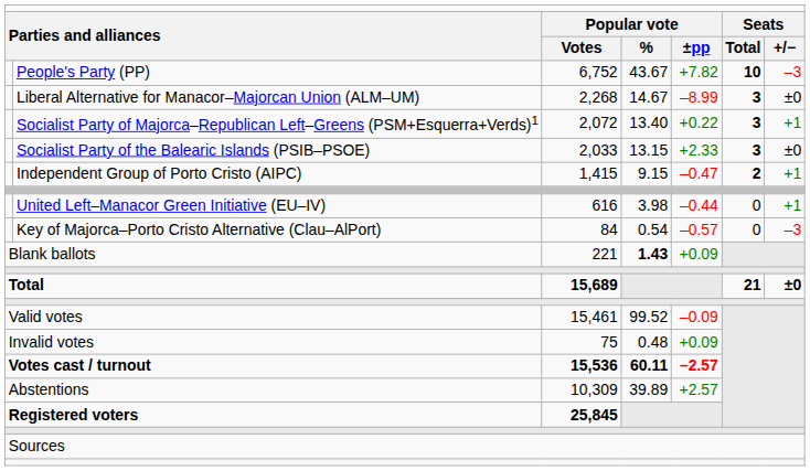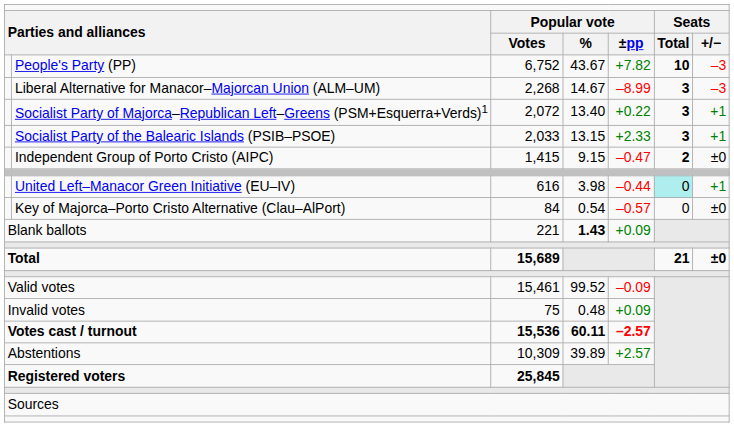 <table class="wikitable" style="text-align:right;">
 <tr>
 <td colspan="7"></td>
 </tr>
 <tr>
 <th style="text-align:left;" rowspan="2" colspan="2" width="525">Parties and alliances</th>
 <th colspan="3">Popular vote</th>
 <th colspan="2">Seats</th>
 </tr>
 <tr>
 <th width="75">Votes</th>
 <th width="45">%</th>
 <th width="45">±<a href='#'>pp</a></th>
 <th width="35">Total</th>
 <th width="35">+/−</th>
 </tr>
 <tr>
 <td width="1" style="color:inherit;background:"></td>
 <td align="left"><a href='#'>People's Party</a> (PP)</td>
 <td>6,752</td>
 <td>43.67</td>
 <td style="color:green;">+7.82</td>
 <td><strong>10</strong></td>
 <td style="color:red;">–3</td>
 </tr>
 <tr>
 <td style="color:inherit;background:"></td>
 <td align="left">Liberal Alternative for Manacor–<a href='#'>Majorcan Union</a> (ALM–UM)</td>
 <td>2,268</td>
 <td>14.67</td>
 <td style="color:red;">–8.99</td>
 <td><strong>3</strong></td>
-<td>±0</td>
+<td style="color:red;">–3</td>
 </tr>
 <tr>
 <td style="color:inherit;background:"></td>
 <td align="left"><a href='#'>Socialist Party of Majorca</a>–<a href='#'>Republican Left</a>–<a href='#'>Greens</a> (PSM+Esquerra+Verds)<sup>1</sup></td>
 <td>2,072</td>
 <td>13.40</td>
 <td style="color:green;">+0.22</td>
 <td><strong>3</strong></td>
 <td style="color:green;">+1</td>
 </tr>
 <tr>
 <td style="color:inherit;background:"></td>
 <td align="left"><a href='#'>Socialist Party of the Balearic Islands</a> (PSIB–PSOE)</td>
 <td>2,033</td>
 <td>13.15</td>
 <td style="color:green;">+2.33</td>
 <td><strong>3</strong></td>
-<td>±0</td>
+<td style="color:green;">+1</td>
 </tr>
 <tr>
 <td style="color:inherit;background:"></td>
 <td align="left">Independent Group of Porto Cristo (AIPC)</td>
 <td>1,415</td>
 <td>9.15</td>
 <td style="color:red;">–0.47</td>
 <td><strong>2</strong></td>
-<td style="color:green;">+1</td>
+<td>±0</td>
 </tr>
 <tr>
 <td colspan="7" bgcolor="#C0C0C0"></td>
 </tr>
 <tr>
 <td style="color:inherit;background:"></td>
 <td align="left"><a href='#'>United Left–Manacor Green Initiative</a> (EU–IV)</td>
 <td>616</td>
 <td>3.98</td>
 <td style="color:red;">–0.44</td>
-<td>0</td>
+<td style="background: paleturquoise;">0</td>
 <td style="color:green;">+1</td>
 </tr>
 <tr>
 <td style="color:inherit;background:"></td>
 <td align="left">Key of Majorca–Porto Cristo Alternative (Clau–AlPort)</td>
 <td>84</td>
 <td>0.54</td>
 <td style="color:red;">–0.57</td>
 <td>0</td>
-<td style="color:red;">–3</td>
+<td>±0</td>
 </tr>
 <tr>
 <td align="left" colspan="2">Blank ballots</td>
 <td>221</td>
 <td><strong>1.43</strong></td>
 <td style="color:green;">+0.09</td>
 <td bgcolor="#E9E9E9" colspan="2"></td>
 </tr>
 <tr>
 <td colspan="7" bgcolor="#E9E9E9"></td>
 </tr>
 <tr style="font-weight:bold;">
 <td align="left" colspan="2">Total</td>
 <td>15,689</td>
 <td bgcolor="#E9E9E9" colspan="2"></td>
 <td>21</td>
 <td>±0</td>
 </tr>
 <tr>
 <td colspan="7" bgcolor="#E9E9E9"></td>
 </tr>
 <tr>
 <td align="left" colspan="2">Valid votes</td>
 <td>15,461</td>
 <td>99.52</td>
 <td style="color:red;">–0.09</td>
 <td bgcolor="#E9E9E9" colspan="2" rowspan="5"></td>
 </tr>
 <tr>
 <td align="left" colspan="2">Invalid votes</td>
 <td>75</td>
 <td>0.48</td>
 <td style="color:green;">+0.09</td>
 </tr>
 <tr style="font-weight:bold;">
 <td align="left" colspan="2">Votes cast / turnout</td>
 <td>15,536</td>
 <td>60.11</td>
 <td style="color:red;">–2.57</td>
 </tr>
 <tr>
 <td align="left" colspan="2">Abstentions</td>
 <td>10,309</td>
 <td>39.89</td>
 <td style="color:green;">+2.57</td>
 </tr>
 <tr style="font-weight:bold;">
 <td align="left" colspan="2">Registered voters</td>
 <td>25,845</td>
 <td bgcolor="#E9E9E9" colspan="2"></td>
 </tr>
 <tr>
 <td colspan="7" bgcolor="#E9E9E9"></td>
 </tr>
 <tr>
 <td align="left" colspan="7">Sources</td>
 </tr>
 <tr>
 <td colspan="7" style="text-align:left; max-width:790px;"></td>
 </tr>
 </table>
